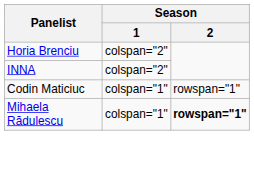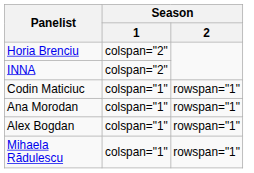 <table class="wikitable">
 <tr>
 <th rowspan="2"  width="125">Panelist</th>
 <th colspan=2 style=text-align:center;>Season</th>
 </tr>
 <tr>
 <th ! width="25">1</th>
 <th width="25">2</th>
 </tr>
 <tr>
 <td><a href='#'>Horia Brenciu</a></td>
 <td>colspan="2" </td>
 </tr>
 <tr>
 <td><a href='#'>INNA</a></td>
 <td>colspan="2" </td>
 </tr>
 <tr>
 <td>Codin Maticiuc</td>
 <td>colspan="1" </td>
 <td>rowspan="1" </td>
 </tr>
 <tr>
+<td>Ana Morodan</td>
+<td>colspan="1" </td>
+<td>rowspan="1" </td>
+</tr>
+<tr>
+<td>Alex Bogdan</td>
+<td>colspan="1" </td>
+<td>rowspan="1" </td>
+</tr>
+<tr>
 <td><a href='#'>Mihaela Rădulescu</a></td>
 <td>colspan="1" </td>
-<td><strong>rowspan="1" </strong></td>
+<td>rowspan="1" </td>
 </tr>
 </table>
